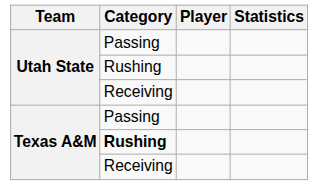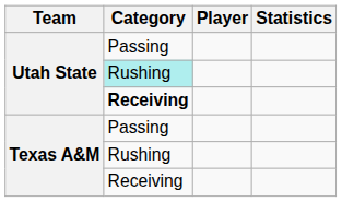 <table class="wikitable" style="float:right">
 <tr>
 <th>Team</th>
 <th>Category</th>
 <th>Player</th>
 <th>Statistics</th>
 </tr>
 <tr>
 <th rowspan=3>Utah State</th>
 <td>Passing</td>
 <td></td>
 <td></td>
 </tr>
 <tr>
-<td>Rushing</td>
+<td style="background: paleturquoise;">Rushing</td>
 <td></td>
 <td></td>
 </tr>
 <tr>
-<td>Receiving</td>
+<td><strong>Receiving</strong></td>
 <td></td>
 <td></td>
 </tr>
 <tr>
 <th rowspan=3>Texas A&M</th>
 <td>Passing</td>
 <td></td>
 <td></td>
 </tr>
 <tr>
-<td><strong>Rushing</strong></td>
+<td>Rushing</td>
 <td></td>
 <td></td>
 </tr>
 <tr>
 <td>Receiving</td>
 <td></td>
 <td></td>
 </tr>
 </table>
